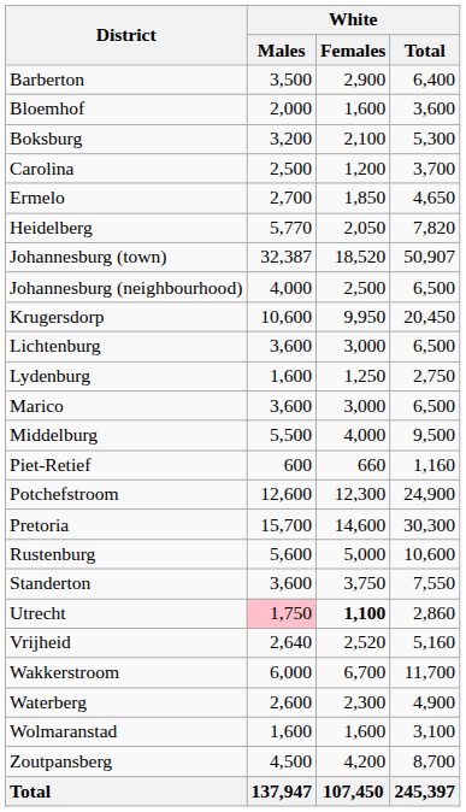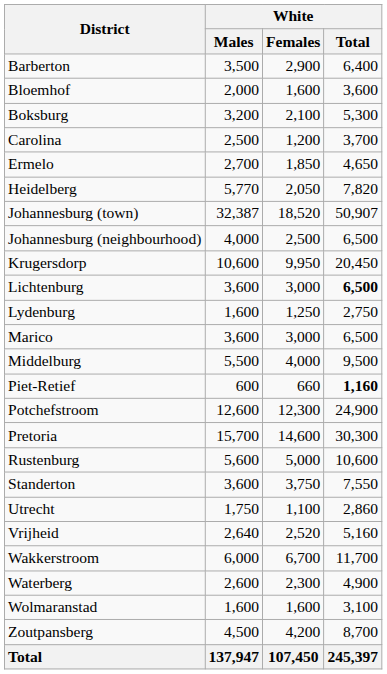 <table class="wikitable sortable" style="text-align:right">
 <tr>
 <th rowspan="2">District</th>
 <th colspan="3">White</th>
 </tr>
 <tr>
 <th>Males</th>
 <th>Females</th>
 <th>Total</th>
 </tr>
 <tr>
 <td style="text-align:left;">Barberton</td>
 <td>3,500</td>
 <td>2,900</td>
 <td>6,400</td>
 </tr>
 <tr>
 <td style="text-align:left;">Bloemhof</td>
 <td>2,000</td>
 <td>1,600</td>
 <td>3,600</td>
 </tr>
 <tr>
 <td style="text-align:left;">Boksburg</td>
 <td>3,200</td>
 <td>2,100</td>
 <td>5,300</td>
 </tr>
 <tr>
 <td style="text-align:left;">Carolina</td>
 <td>2,500</td>
 <td>1,200</td>
 <td>3,700</td>
 </tr>
 <tr>
 <td style="text-align:left;">Ermelo</td>
 <td>2,700</td>
 <td>1,850</td>
 <td>4,650</td>
 </tr>
 <tr>
 <td style="text-align:left;">Heidelberg</td>
 <td>5,770</td>
 <td>2,050</td>
 <td>7,820</td>
 </tr>
 <tr>
 <td style="text-align:left;">Johannesburg (town)</td>
 <td>32,387</td>
 <td>18,520</td>
 <td>50,907</td>
 </tr>
 <tr>
 <td style="text-align:left;">Johannesburg (neighbourhood)</td>
 <td>4,000</td>
 <td>2,500</td>
 <td>6,500</td>
 </tr>
 <tr>
 <td style="text-align:left;">Krugersdorp</td>
 <td>10,600</td>
 <td>9,950</td>
 <td>20,450</td>
 </tr>
 <tr>
 <td style="text-align:left;">Lichtenburg</td>
 <td>3,600</td>
 <td>3,000</td>
-<td>6,500</td>
+<td><strong>6,500</strong></td>
 </tr>
 <tr>
 <td style="text-align:left;">Lydenburg</td>
 <td>1,600</td>
 <td>1,250</td>
 <td>2,750</td>
 </tr>
 <tr>
 <td style="text-align:left;">Marico</td>
 <td>3,600</td>
 <td>3,000</td>
 <td>6,500</td>
 </tr>
 <tr>
 <td style="text-align:left;">Middelburg</td>
 <td>5,500</td>
 <td>4,000</td>
 <td>9,500</td>
 </tr>
 <tr>
 <td style="text-align:left;">Piet-Retief</td>
 <td>600</td>
 <td>660</td>
-<td>1,160</td>
+<td><strong>1,160</strong></td>
 </tr>
 <tr>
 <td style="text-align:left;">Potchefstroom</td>
 <td>12,600</td>
 <td>12,300</td>
 <td>24,900</td>
 </tr>
 <tr>
 <td style="text-align:left;">Pretoria</td>
 <td>15,700</td>
 <td>14,600</td>
 <td>30,300</td>
 </tr>
 <tr>
 <td style="text-align:left;">Rustenburg</td>
 <td>5,600</td>
 <td>5,000</td>
 <td>10,600</td>
 </tr>
 <tr>
 <td style="text-align:left;">Standerton</td>
 <td>3,600</td>
 <td>3,750</td>
 <td>7,550</td>
 </tr>
 <tr>
 <td style="text-align:left;">Utrecht</td>
-<td style="background: pink;">1,750</td>
-<td><strong>1,100</strong></td>
+<td>1,750</td>
+<td>1,100</td>
 <td>2,860</td>
 </tr>
 <tr>
 <td style="text-align:left;">Vrijheid</td>
 <td>2,640</td>
 <td>2,520</td>
 <td>5,160</td>
 </tr>
 <tr>
 <td style="text-align:left;">Wakkerstroom</td>
 <td>6,000</td>
 <td>6,700</td>
 <td>11,700</td>
 </tr>
 <tr>
 <td style="text-align:left;">Waterberg</td>
 <td>2,600</td>
 <td>2,300</td>
 <td>4,900</td>
 </tr>
 <tr>
 <td style="text-align:left;">Wolmaranstad</td>
 <td>1,600</td>
 <td>1,600</td>
 <td>3,100</td>
 </tr>
 <tr>
 <td style="text-align:left;">Zoutpansberg</td>
 <td>4,500</td>
 <td>4,200</td>
 <td>8,700</td>
 </tr>
 <tr>
 <th style="text-align:left;">Total</th>
 <th>137,947</th>
 <th>107,450</th>
 <th>245,397</th>
 </tr>
 </table>
